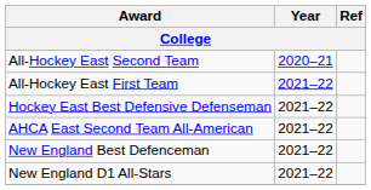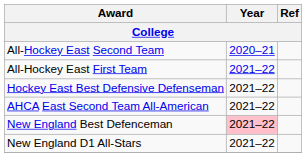 <table class="wikitable">
 <tr>
 <th>Award</th>
 <th>Year</th>
 <th>Ref</th>
 </tr>
 <tr ALIGN="center" bgcolor="#e0e0e0">
 <th colspan="3"><a href='#'>College</a></th>
 </tr>
 <tr>
 <td>All-<a href='#'>Hockey East</a> <a href='#'>Second Team</a></td>
 <td><a href='#'>2020–21</a></td>
 <td></td>
 </tr>
 <tr>
 <td>All-Hockey East <a href='#'>First Team</a></td>
 <td><a href='#'>2021–22</a></td>
 <td></td>
 </tr>
 <tr>
 <td><a href='#'>Hockey East Best Defensive Defenseman</a></td>
 <td>2021–22</td>
 <td></td>
 </tr>
 <tr>
 <td><a href='#'>AHCA</a> <a href='#'>East Second Team All-American</a></td>
 <td>2021–22</td>
 <td></td>
 </tr>
 <tr>
 <td><a href='#'>New England</a> Best Defenceman</td>
-<td>2021–22</td>
+<td style="background: pink;">2021–22</td>
 <td></td>
 </tr>
 <tr>
 <td>New England D1 All-Stars</td>
 <td>2021–22</td>
 <td></td>
 </tr>
 <tr>
 </tr>
 </table>
